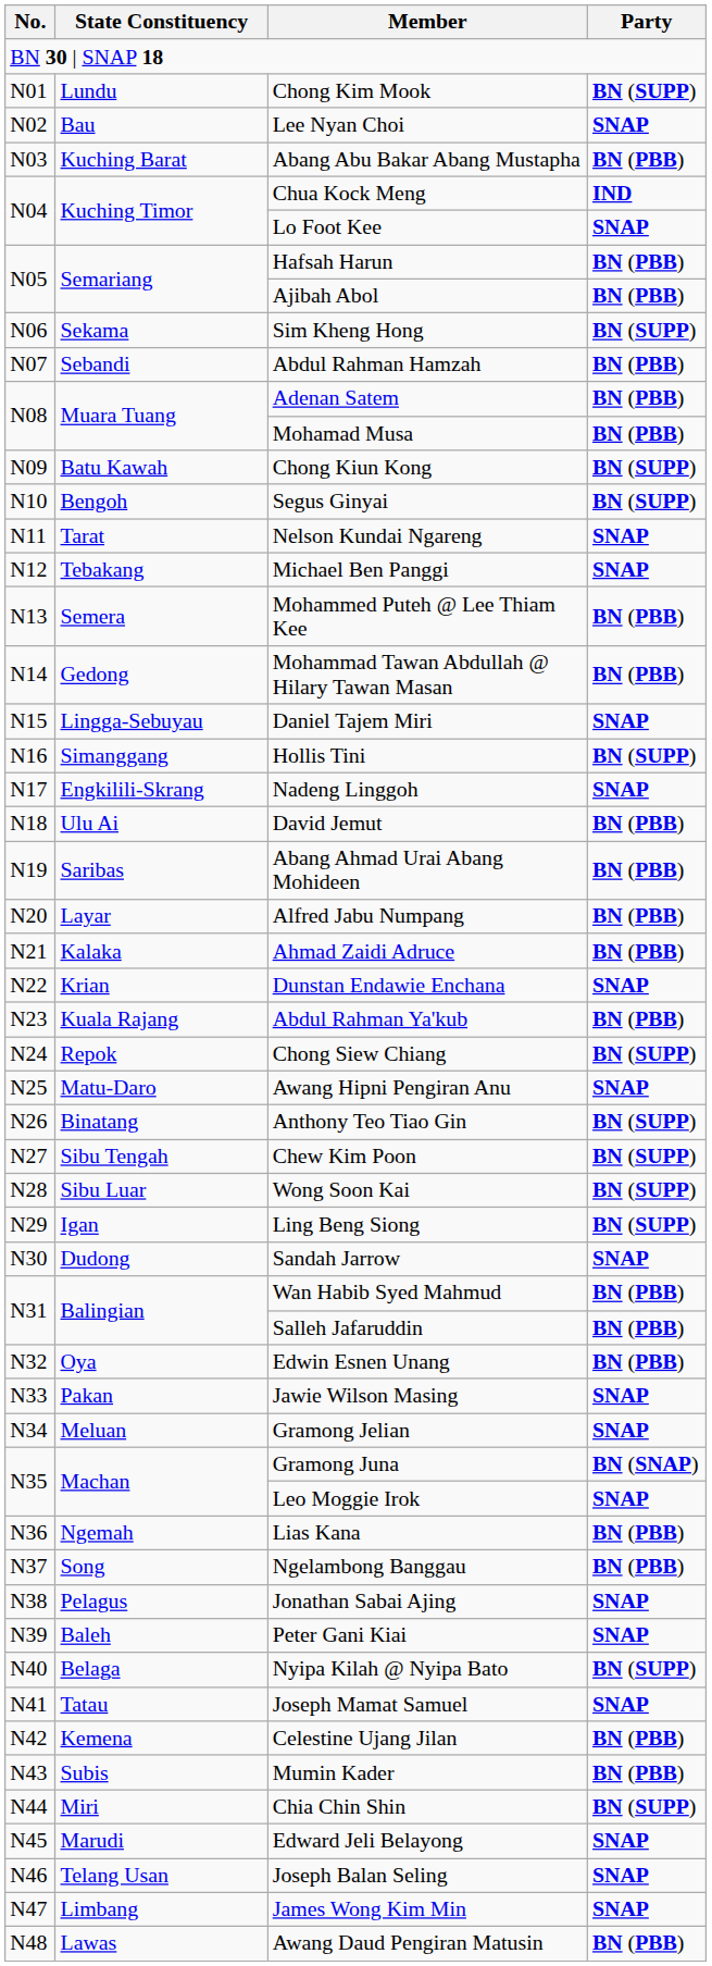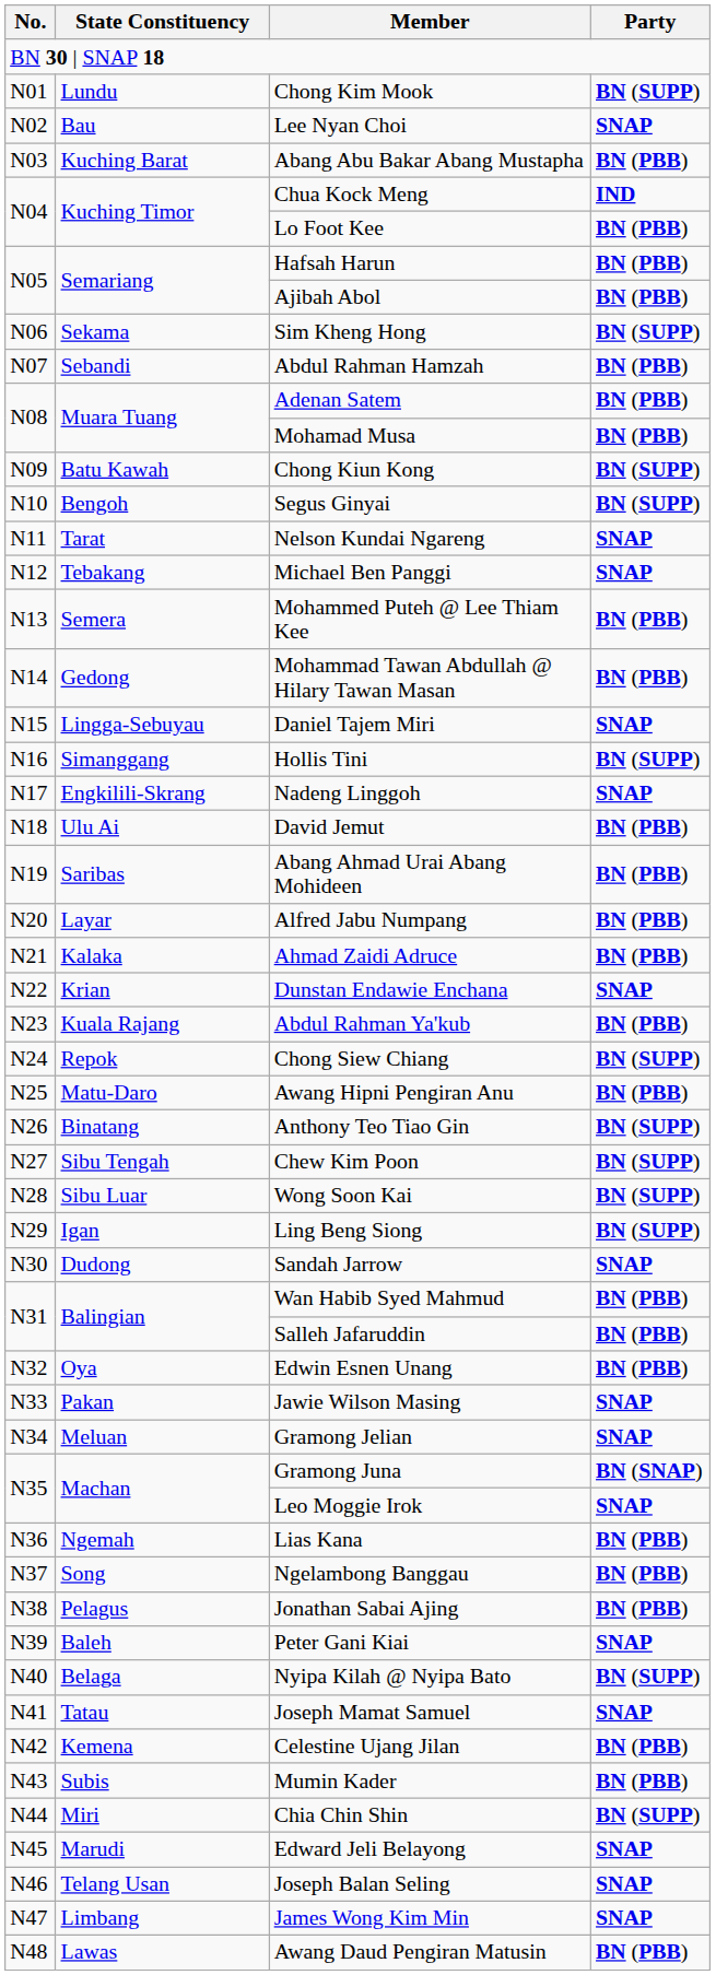 <table class="wikitable sortable">
 <tr>
 <th style="width:30px;">No.</th>
 <th style="width:150px;">State Constituency</th>
 <th style="width:230px;">Member</th>
 <th style="width:80px;">Party</th>
 </tr>
 <tr>
 <td colspan="4"><a href='#'>BN</a> <strong>30</strong> | <a href='#'>SNAP</a> <strong>18</strong></td>
 </tr>
 <tr>
 <td>N01</td>
 <td><a href='#'>Lundu</a></td>
 <td>Chong Kim Mook</td>
 <td><strong><a href='#'>BN</a></strong> (<strong><a href='#'>SUPP</a></strong>)</td>
 </tr>
 <tr>
 <td>N02</td>
 <td><a href='#'>Bau</a></td>
 <td>Lee Nyan Choi</td>
 <td><strong><a href='#'>SNAP</a></strong></td>
 </tr>
 <tr>
 <td>N03</td>
 <td><a href='#'>Kuching Barat</a></td>
 <td>Abang Abu Bakar Abang Mustapha</td>
 <td><strong><a href='#'>BN</a></strong> (<strong><a href='#'>PBB</a></strong>)</td>
 </tr>
 <tr>
 <td rowspan=2>N04</td>
 <td rowspan=2><a href='#'>Kuching Timor</a></td>
 <td>Chua Kock Meng </td>
 <td><strong><a href='#'>IND</a></strong></td>
 </tr>
 <tr>
 <td>Lo Foot Kee </td>
-<td><strong><a href='#'>SNAP</a></strong></td>
+<td><strong><a href='#'>BN</a></strong> (<strong><a href='#'>PBB</a></strong>)</td>
 </tr>
 <tr>
 <td rowspan=2>N05</td>
 <td rowspan=2><a href='#'>Semariang</a></td>
 <td>Hafsah Harun </td>
 <td><strong><a href='#'>BN</a></strong> (<strong><a href='#'>PBB</a></strong>)</td>
 </tr>
 <tr>
 <td>Ajibah Abol </td>
 <td><strong><a href='#'>BN</a></strong> (<strong><a href='#'>PBB</a></strong>)</td>
 </tr>
 <tr>
 <td>N06</td>
 <td><a href='#'>Sekama</a></td>
 <td>Sim Kheng Hong</td>
 <td><strong><a href='#'>BN</a></strong> (<strong><a href='#'>SUPP</a></strong>)</td>
 </tr>
 <tr>
 <td>N07</td>
 <td><a href='#'>Sebandi</a></td>
 <td>Abdul Rahman Hamzah</td>
 <td><strong><a href='#'>BN</a></strong> (<strong><a href='#'>PBB</a></strong>)</td>
 </tr>
 <tr>
 <td rowspan=2>N08</td>
 <td rowspan=2><a href='#'>Muara Tuang</a></td>
 <td><a href='#'>Adenan Satem</a> </td>
 <td><strong><a href='#'>BN</a></strong> (<strong><a href='#'>PBB</a></strong>)</td>
 </tr>
 <tr>
 <td>Mohamad Musa </td>
 <td><strong><a href='#'>BN</a></strong> (<strong><a href='#'>PBB</a></strong>)</td>
 </tr>
 <tr>
 <td>N09</td>
 <td><a href='#'>Batu Kawah</a></td>
 <td>Chong Kiun Kong</td>
 <td><strong><a href='#'>BN</a></strong> (<strong><a href='#'>SUPP</a></strong>)</td>
 </tr>
 <tr>
 <td>N10</td>
 <td><a href='#'>Bengoh</a></td>
 <td>Segus Ginyai</td>
 <td><strong><a href='#'>BN</a></strong> (<strong><a href='#'>SUPP</a></strong>)</td>
 </tr>
 <tr>
 <td>N11</td>
 <td><a href='#'>Tarat</a></td>
 <td>Nelson Kundai Ngareng</td>
 <td><strong><a href='#'>SNAP</a></strong></td>
 </tr>
 <tr>
 <td>N12</td>
 <td><a href='#'>Tebakang</a></td>
 <td>Michael Ben Panggi</td>
 <td><strong><a href='#'>SNAP</a></strong></td>
 </tr>
 <tr>
 <td>N13</td>
 <td><a href='#'>Semera</a></td>
 <td>Mohammed Puteh @ Lee Thiam Kee</td>
 <td><strong><a href='#'>BN</a></strong> (<strong><a href='#'>PBB</a></strong>)</td>
 </tr>
 <tr>
 <td>N14</td>
 <td><a href='#'>Gedong</a></td>
 <td>Mohammad Tawan Abdullah @ Hilary Tawan Masan</td>
 <td><strong><a href='#'>BN</a></strong> (<strong><a href='#'>PBB</a></strong>)</td>
 </tr>
 <tr>
 <td>N15</td>
 <td><a href='#'>Lingga-Sebuyau</a></td>
 <td>Daniel Tajem Miri</td>
 <td><strong><a href='#'>SNAP</a></strong></td>
 </tr>
 <tr>
 <td>N16</td>
 <td><a href='#'>Simanggang</a></td>
 <td>Hollis Tini</td>
 <td><strong><a href='#'>BN</a></strong> (<strong><a href='#'>SUPP</a></strong>)</td>
 </tr>
 <tr>
 <td>N17</td>
 <td><a href='#'>Engkilili-Skrang</a></td>
 <td>Nadeng Linggoh</td>
 <td><strong><a href='#'>SNAP</a></strong></td>
 </tr>
 <tr>
 <td>N18</td>
 <td><a href='#'>Ulu Ai</a></td>
 <td>David Jemut</td>
 <td><strong><a href='#'>BN</a></strong> (<strong><a href='#'>PBB</a></strong>)</td>
 </tr>
 <tr>
 <td>N19</td>
 <td><a href='#'>Saribas</a></td>
 <td>Abang Ahmad Urai Abang Mohideen</td>
 <td><strong><a href='#'>BN</a></strong> (<strong><a href='#'>PBB</a></strong>)</td>
 </tr>
 <tr>
 <td>N20</td>
 <td><a href='#'>Layar</a></td>
 <td>Alfred Jabu Numpang</td>
 <td><strong><a href='#'>BN</a></strong> (<strong><a href='#'>PBB</a></strong>)</td>
 </tr>
 <tr>
 <td>N21</td>
 <td><a href='#'>Kalaka</a></td>
 <td><a href='#'>Ahmad Zaidi Adruce</a></td>
 <td><strong><a href='#'>BN</a></strong> (<strong><a href='#'>PBB</a></strong>)</td>
 </tr>
 <tr>
 <td>N22</td>
 <td><a href='#'>Krian</a></td>
 <td><a href='#'>Dunstan Endawie Enchana</a></td>
 <td><strong><a href='#'>SNAP</a></strong></td>
 </tr>
 <tr>
 <td>N23</td>
 <td><a href='#'>Kuala Rajang</a></td>
 <td><a href='#'>Abdul Rahman Ya'kub</a></td>
 <td><strong><a href='#'>BN</a></strong> (<strong><a href='#'>PBB</a></strong>)</td>
 </tr>
 <tr>
 <td>N24</td>
 <td><a href='#'>Repok</a></td>
 <td>Chong Siew Chiang</td>
 <td><strong><a href='#'>BN</a></strong> (<strong><a href='#'>SUPP</a></strong>)</td>
 </tr>
 <tr>
 <td>N25</td>
 <td><a href='#'>Matu-Daro</a></td>
 <td>Awang Hipni Pengiran Anu</td>
-<td><strong><a href='#'>SNAP</a></strong></td>
+<td><strong><a href='#'>BN</a></strong> (<strong><a href='#'>PBB</a></strong>)</td>
 </tr>
 <tr>
 <td>N26</td>
 <td><a href='#'>Binatang</a></td>
 <td>Anthony Teo Tiao Gin</td>
 <td><strong><a href='#'>BN</a></strong> (<strong><a href='#'>SUPP</a></strong>)</td>
 </tr>
 <tr>
 <td>N27</td>
 <td><a href='#'>Sibu Tengah</a></td>
 <td>Chew Kim Poon</td>
 <td><strong><a href='#'>BN</a></strong> (<strong><a href='#'>SUPP</a></strong>)</td>
 </tr>
 <tr>
 <td>N28</td>
 <td><a href='#'>Sibu Luar</a></td>
 <td>Wong Soon Kai</td>
 <td><strong><a href='#'>BN</a></strong> (<strong><a href='#'>SUPP</a></strong>)</td>
 </tr>
 <tr>
 <td>N29</td>
 <td><a href='#'>Igan</a></td>
 <td>Ling Beng Siong</td>
 <td><strong><a href='#'>BN</a></strong> (<strong><a href='#'>SUPP</a></strong>)</td>
 </tr>
 <tr>
 <td>N30</td>
 <td><a href='#'>Dudong</a></td>
 <td>Sandah Jarrow</td>
 <td><strong><a href='#'>SNAP</a></strong></td>
 </tr>
 <tr>
 <td rowspan=2>N31</td>
 <td rowspan=2><a href='#'>Balingian</a></td>
 <td>Wan Habib Syed Mahmud </td>
 <td><strong><a href='#'>BN</a></strong> (<strong><a href='#'>PBB</a></strong>)</td>
 </tr>
 <tr>
 <td>Salleh Jafaruddin </td>
 <td><strong><a href='#'>BN</a></strong> (<strong><a href='#'>PBB</a></strong>)</td>
 </tr>
 <tr>
 <td>N32</td>
 <td><a href='#'>Oya</a></td>
 <td>Edwin Esnen Unang</td>
 <td><strong><a href='#'>BN</a></strong> (<strong><a href='#'>PBB</a></strong>)</td>
 </tr>
 <tr>
 <td>N33</td>
 <td><a href='#'>Pakan</a></td>
 <td>Jawie Wilson Masing</td>
 <td><strong><a href='#'>SNAP</a></strong></td>
 </tr>
 <tr>
 <td>N34</td>
 <td><a href='#'>Meluan</a></td>
 <td>Gramong Jelian</td>
 <td><strong><a href='#'>SNAP</a></strong></td>
 </tr>
 <tr>
 <td rowspan=2>N35</td>
 <td rowspan=2><a href='#'>Machan</a></td>
 <td>Gramong Juna </td>
 <td><strong><a href='#'>BN</a></strong> (<strong><a href='#'>SNAP</a></strong>)</td>
 </tr>
 <tr>
 <td>Leo Moggie Irok </td>
 <td><strong><a href='#'>SNAP</a></strong></td>
 </tr>
 <tr>
 <td>N36</td>
 <td><a href='#'>Ngemah</a></td>
 <td>Lias Kana</td>
 <td><strong><a href='#'>BN</a></strong> (<strong><a href='#'>PBB</a></strong>)</td>
 </tr>
 <tr>
 <td>N37</td>
 <td><a href='#'>Song</a></td>
 <td>Ngelambong Banggau</td>
 <td><strong><a href='#'>BN</a></strong> (<strong><a href='#'>PBB</a></strong>)</td>
 </tr>
 <tr>
 <td>N38</td>
 <td><a href='#'>Pelagus</a></td>
 <td>Jonathan Sabai Ajing</td>
-<td><strong><a href='#'>SNAP</a></strong></td>
+<td><strong><a href='#'>BN</a></strong> (<strong><a href='#'>PBB</a></strong>)</td>
 </tr>
 <tr>
 <td>N39</td>
 <td><a href='#'>Baleh</a></td>
 <td>Peter Gani Kiai</td>
 <td><strong><a href='#'>SNAP</a></strong></td>
 </tr>
 <tr>
 <td>N40</td>
 <td><a href='#'>Belaga</a></td>
 <td>Nyipa Kilah @ Nyipa Bato</td>
 <td><strong><a href='#'>BN</a></strong> (<strong><a href='#'>SUPP</a></strong>)</td>
 </tr>
 <tr>
 <td>N41</td>
 <td><a href='#'>Tatau</a></td>
 <td>Joseph Mamat Samuel</td>
 <td><strong><a href='#'>SNAP</a></strong></td>
 </tr>
 <tr>
 <td>N42</td>
 <td><a href='#'>Kemena</a></td>
 <td>Celestine Ujang Jilan</td>
 <td><strong><a href='#'>BN</a></strong>  (<strong><a href='#'>PBB</a></strong>)</td>
 </tr>
 <tr>
 <td>N43</td>
 <td><a href='#'>Subis</a></td>
 <td>Mumin Kader</td>
 <td><strong><a href='#'>BN</a></strong> (<strong><a href='#'>PBB</a></strong>)</td>
 </tr>
 <tr>
 <td>N44</td>
 <td><a href='#'>Miri</a></td>
 <td>Chia Chin Shin</td>
 <td><strong><a href='#'>BN</a></strong> (<strong><a href='#'>SUPP</a></strong>)</td>
 </tr>
 <tr>
 <td>N45</td>
 <td><a href='#'>Marudi</a></td>
 <td>Edward Jeli Belayong</td>
 <td><strong><a href='#'>SNAP</a></strong></td>
 </tr>
 <tr>
 <td>N46</td>
 <td><a href='#'>Telang Usan</a></td>
 <td>Joseph Balan Seling</td>
 <td><strong><a href='#'>SNAP</a></strong></td>
 </tr>
 <tr>
 <td>N47</td>
 <td><a href='#'>Limbang</a></td>
 <td><a href='#'>James Wong Kim Min</a></td>
 <td><strong><a href='#'>SNAP</a></strong></td>
 </tr>
 <tr>
 <td>N48</td>
 <td><a href='#'>Lawas</a></td>
 <td>Awang Daud Pengiran Matusin</td>
 <td><strong><a href='#'>BN</a></strong> (<strong><a href='#'>PBB</a></strong>)</td>
 </tr>
 </table>
